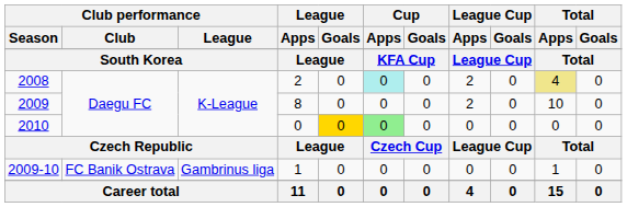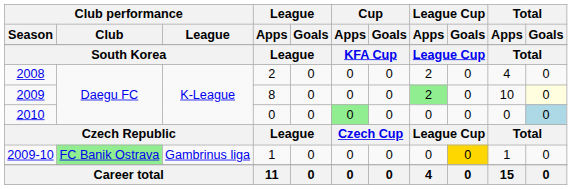 <table class="wikitable" style="text-align:center">
 <tr>
 <th colspan=3>Club performance</th>
 <th colspan=2>League</th>
 <th colspan=2>Cup</th>
 <th colspan=2>League Cup</th>
 <th colspan=2>Total</th>
 </tr>
 <tr>
 <th>Season</th>
 <th>Club</th>
 <th>League</th>
 <th>Apps</th>
 <th>Goals</th>
 <th>Apps</th>
 <th>Goals</th>
 <th>Apps</th>
 <th>Goals</th>
 <th>Apps</th>
 <th>Goals</th>
 </tr>
 <tr>
 </tr>
 <tr>
 <th colspan=3>South Korea</th>
 <th colspan=2>League</th>
 <th colspan=2><a href='#'>KFA Cup</a></th>
 <th colspan=2><a href='#'>League Cup</a></th>
 <th colspan=2>Total</th>
 </tr>
 <tr>
 <td><a href='#'>2008</a></td>
 <td rowspan="3"><a href='#'>Daegu FC</a></td>
 <td rowspan="3"><a href='#'>K-League</a></td>
 <td>2</td>
 <td>0</td>
-<td style="background: paleturquoise;">0</td>
+<td>0</td>
 <td>0</td>
 <td>2</td>
 <td>0</td>
-<td style="background: khaki;">4</td>
+<td>4</td>
 <td>0</td>
 </tr>
 <tr>
 <td><a href='#'>2009</a></td>
 <td>8</td>
 <td>0</td>
 <td>0</td>
 <td>0</td>
-<td>2</td>
+<td style="background: lightgreen;">2</td>
 <td>0</td>
 <td>10</td>
-<td>0</td>
+<td style="background: lightyellow;">0</td>
 </tr>
 <tr>
 <td><a href='#'>2010</a></td>
 <td>0</td>
-<td style="background: gold;">0</td>
+<td>0</td>
 <td style="background: lightgreen;">0</td>
 <td>0</td>
 <td>0</td>
 <td>0</td>
 <td>0</td>
-<td>0</td>
+<td style="background: lightblue;">0</td>
 </tr>
 <tr>
 <th colspan=3>Czech Republic</th>
 <th colspan=2>League</th>
 <th colspan=2><a href='#'>Czech Cup</a></th>
 <th colspan=2>League Cup</th>
 <th colspan=2>Total</th>
 </tr>
 <tr>
 <td><a href='#'>2009-10</a></td>
-<td rowspan="1"><a href='#'>FC Banik Ostrava</a></td>
+<td rowspan="1" style="background: lightgreen;"><a href='#'>FC Banik Ostrava</a></td>
 <td rowspan="1"><a href='#'>Gambrinus liga</a></td>
 <td>1</td>
 <td>0</td>
 <td>0</td>
 <td>0</td>
 <td>0</td>
-<td>0</td>
+<td style="background: gold;">0</td>
 <td>1</td>
 <td>0</td>
 </tr>
 <tr>
 </tr>
 <tr>
 <th colspan=3>Career total</th>
 <th>11</th>
 <th>0</th>
 <th>0</th>
 <th>0</th>
 <th>4</th>
 <th>0</th>
 <th>15</th>
 <th>0</th>
 </tr>
 </table>
